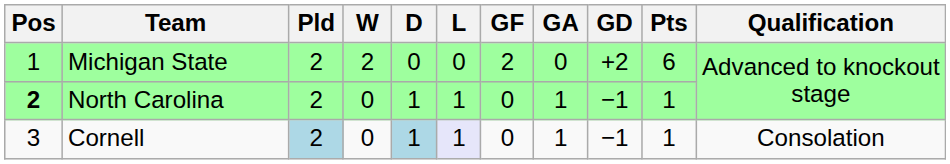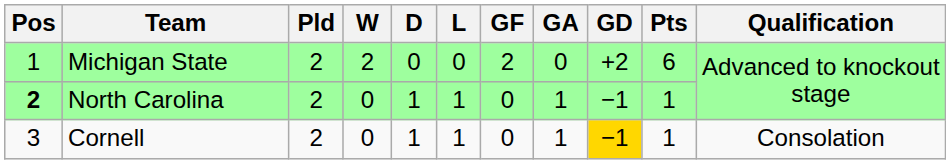 <table class="wikitable" style="text-align:center; margin: 1em auto">
 <tr>
 <th style="width:2em">Pos</th>
 <th style="width:13em">Team</th>
 <th style="width:2em">Pld</th>
 <th style="width:2em">W</th>
 <th style="width:2em">D</th>
 <th style="width:2em">L</th>
 <th style="width:2em">GF</th>
 <th style="width:2em">GA</th>
 <th style="width:2em">GD</th>
 <th style="width:2em">Pts</th>
 <th style="width:13em">Qualification</th>
 </tr>
 <tr bgcolor="#9eff9e">
 <td>1</td>
 <td style="text-align:left">Michigan State</td>
 <td>2</td>
 <td>2</td>
 <td>0</td>
 <td>0</td>
 <td>2</td>
 <td>0</td>
 <td>+2</td>
 <td>6</td>
 <td rowspan="2">Advanced to knockout stage</td>
 </tr>
 <tr bgcolor="#9eff9e">
 <td><strong>2</strong></td>
 <td style="text-align:left">North Carolina</td>
 <td>2</td>
 <td>0</td>
 <td>1</td>
 <td>1</td>
 <td>0</td>
 <td>1</td>
 <td>−1</td>
 <td>1</td>
 </tr>
 <tr>
 <td>3</td>
 <td style="text-align:left">Cornell</td>
-<td style="background: lightblue;">2</td>
-<td>0</td>
-<td style="background: lightblue;">1</td>
-<td style="background: lavender;">1</td>
+<td>2</td>
 <td>0</td>
 <td>1</td>
-<td>−1</td>
+<td>1</td>
+<td>0</td>
+<td>1</td>
+<td style="background: gold;">−1</td>
 <td>1</td>
 <td>Consolation</td>
 </tr>
 </table>
